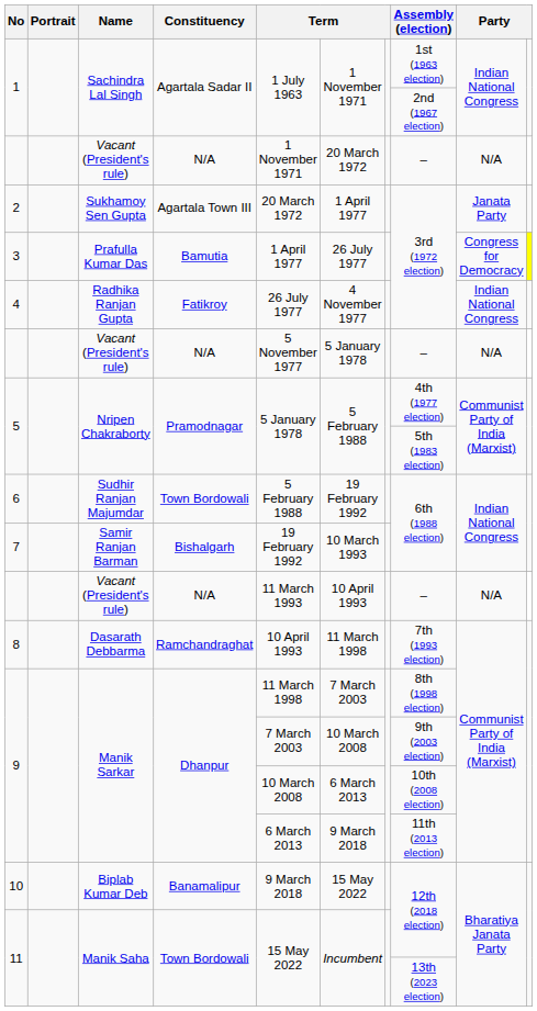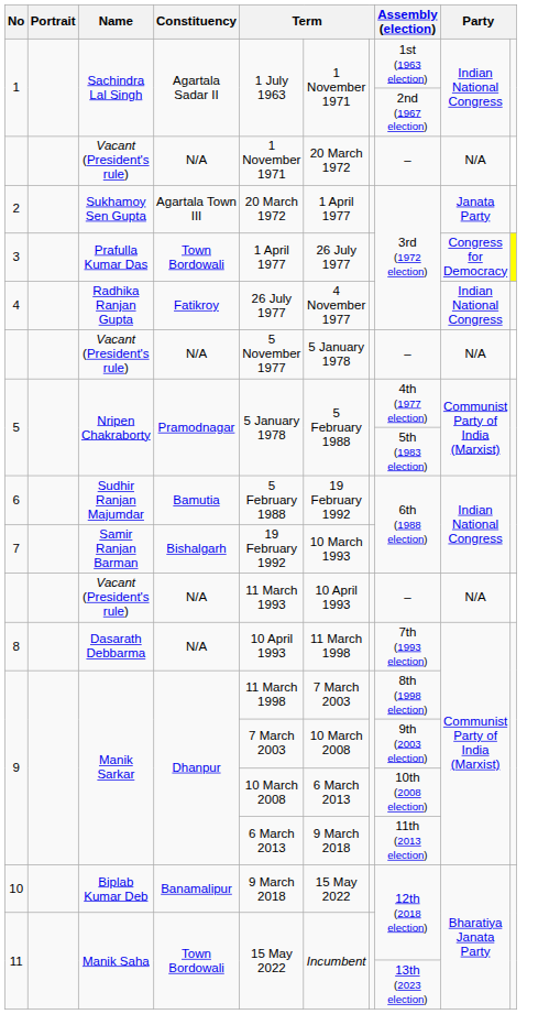 <table class="wikitable">
 <tr>
 <th scope=col>No</th>
 <th>Portrait</th>
 <th scope=col>Name</th>
 <th scope=col>Constituency</th>
 <th scope=col colspan=3>Term</th>
 <th><a href='#'>Assembly</a><br>(<a href='#'>election</a>)</th>
 <th scope=col colspan=2>Party</th>
 </tr>
 <tr style="text-align:center; height: 60px;">
 <td rowspan="2">1</td>
 <td rowspan="2"></td>
 <td rowspan="2"><a href='#'>Sachindra Lal Singh</a></td>
 <td rowspan="2">Agartala Sadar II</td>
 <td rowspan="2">1 July 1963</td>
 <td rowspan="2">1 November 1971</td>
 <td rowspan="2"></td>
 <td>1st<br><small>(<a href='#'>1963 election</a>)</small></td>
 <td rowspan="2"><a href='#'>Indian National Congress</a></td>
 <td rowspan="2" style="background-color: "></td>
 </tr>
 <tr style="text-align:center; height: 60px;">
 <td>2nd<br><small>(<a href='#'>1967 election</a>)</small></td>
 </tr>
 <tr style="text-align:center; height: 60px;">
 <td></td>
 <td></td>
 <td><em>Vacant</em><br>(<a href='#'>President's rule</a>)</td>
 <td>N/A</td>
 <td>1 November 1971</td>
 <td>20 March 1972</td>
 <td></td>
 <td>–</td>
 <td>N/A</td>
 <td style="background-color: white"></td>
 </tr>
 <tr style="text-align:center; height: 60px;">
 <td>2</td>
 <td></td>
 <td><a href='#'>Sukhamoy Sen Gupta</a></td>
 <td>Agartala Town III</td>
 <td>20 March 1972</td>
 <td>1 April 1977</td>
 <td></td>
 <td rowspan="3">3rd<br><small>(<a href='#'>1972 election</a>)</small></td>
 <td><a href='#'>Janata Party</a></td>
 <td style="background-color: "></td>
 </tr>
 <tr style="text-align:center; height: 60px;">
 <td>3</td>
 <td></td>
 <td><a href='#'>Prafulla Kumar Das</a></td>
-<td><a href='#'>Bamutia</a></td>
+<td><a href='#'>Town Bordowali</a></td>
 <td>1 April 1977</td>
 <td>26 July 1977</td>
 <td></td>
 <td><a href='#'>Congress for Democracy</a></td>
 <td style="background-color:yellow"></td>
 </tr>
 <tr style="text-align:center; height: 60px;">
 <td>4</td>
 <td></td>
 <td><a href='#'>Radhika Ranjan Gupta</a></td>
 <td><a href='#'>Fatikroy</a></td>
 <td>26 July 1977</td>
 <td>4 November 1977</td>
 <td></td>
 <td><a href='#'>Indian National Congress</a></td>
 <td style="background-color: "></td>
 </tr>
 <tr style="text-align:center; height: 60px;">
 <td></td>
 <td></td>
 <td><em>Vacant</em><br>(<a href='#'>President's rule</a>)</td>
 <td>N/A</td>
 <td>5 November 1977</td>
 <td>5 January 1978</td>
 <td></td>
 <td>–</td>
 <td>N/A</td>
 <td style="background-color: white"></td>
 </tr>
 <tr style="text-align:center; height: 60px;">
 <td rowspan="2">5</td>
 <td rowspan="2"></td>
 <td rowspan="2"><a href='#'>Nripen Chakraborty</a></td>
 <td rowspan="2"><a href='#'>Pramodnagar</a></td>
 <td rowspan="2">5 January 1978</td>
 <td rowspan="2">5 February 1988</td>
 <td rowspan="2"></td>
 <td>4th<br><small>(<a href='#'>1977 election</a>)</small></td>
 <td rowspan="2"><a href='#'>Communist Party of India (Marxist)</a></td>
 <td rowspan="2" style="background-color: "></td>
 </tr>
 <tr style="text-align:center; height: 60px;">
 <td>5th<br><small>(<a href='#'>1983 election</a>)</small></td>
 </tr>
 <tr style="text-align:center; height: 60px;">
 <td>6</td>
 <td></td>
 <td><a href='#'>Sudhir Ranjan Majumdar</a></td>
-<td><a href='#'>Town Bordowali</a></td>
+<td><a href='#'>Bamutia</a></td>
 <td>5 February 1988</td>
 <td>19 February 1992</td>
 <td></td>
 <td rowspan="2">6th<br><small>(<a href='#'>1988 election</a>)</small></td>
 <td rowspan="2"><a href='#'>Indian National Congress</a></td>
 <td rowspan="2" style="background-color: "></td>
 </tr>
 <tr style="text-align:center; height: 60px;">
 <td>7</td>
 <td></td>
 <td><a href='#'>Samir Ranjan Barman</a></td>
 <td><a href='#'>Bishalgarh</a></td>
 <td>19 February 1992</td>
 <td>10 March 1993</td>
 <td></td>
 </tr>
 <tr style="text-align:center; height: 60px;">
 <td></td>
 <td></td>
 <td><em>Vacant</em><br>(<a href='#'>President's rule</a>)</td>
 <td>N/A</td>
 <td>11 March 1993</td>
 <td>10 April 1993</td>
 <td></td>
 <td>–</td>
 <td>N/A</td>
 <td style="background-color: white"></td>
 </tr>
 <tr style="text-align:center; height: 60px;">
 <td>8</td>
 <td></td>
 <td><a href='#'>Dasarath Debbarma</a></td>
-<td><a href='#'>Ramchandraghat</a></td>
+<td>N/A</td>
 <td>10 April 1993</td>
 <td>11 March 1998</td>
 <td></td>
 <td>7th<br><small>(<a href='#'>1993 election</a>)</small></td>
 <td rowspan="5"><a href='#'>Communist Party of India (Marxist)</a></td>
 <td rowspan="5" style="background-color: "></td>
 </tr>
 <tr style="text-align:center; height: 60px;"|>
 <td rowspan="4">9</td>
 <td rowspan="4"></td>
 <td rowspan="4"><a href='#'>Manik Sarkar</a></td>
 <td rowspan="4"><a href='#'>Dhanpur</a></td>
 <td>11 March 1998</td>
 <td>7 March 2003</td>
 <td rowspan="4"></td>
 <td>8th<br><small>(<a href='#'>1998 election</a>)</small></td>
 </tr>
 <tr style="text-align:center; height: 60px;">
 <td>7 March 2003</td>
 <td>10 March 2008</td>
 <td>9th<br><small>(<a href='#'>2003 election</a>)</small></td>
 </tr>
 <tr style="text-align:center; height: 60px;">
 <td>10 March 2008</td>
 <td>6 March 2013</td>
 <td>10th<br><small>(<a href='#'>2008 election</a>)</small></td>
 </tr>
 <tr style="text-align:center; height: 60px;">
 <td>6 March 2013</td>
 <td>9 March 2018</td>
 <td>11th<br><small>(<a href='#'>2013 election</a>)</small></td>
 </tr>
 <tr style="text-align:center; height: 60px;" |>
 <td>10</td>
 <td></td>
 <td><a href='#'>Biplab Kumar Deb</a></td>
 <td><a href='#'>Banamalipur</a></td>
 <td>9 March 2018</td>
 <td>15 May 2022</td>
 <td></td>
 <td rowspan=2><a href='#'>12th</a><br><small>(<a href='#'>2018 election</a>)</small></td>
 <td rowspan="3"><a href='#'>Bharatiya Janata Party</a></td>
 <td rowspan="3" style="background-color: "></td>
 </tr>
 <tr style="text-align:center; height: 60px;" |>
 <td rowspan="2">11</td>
 <td rowspan="2"></td>
 <td rowspan="2"><a href='#'>Manik Saha</a></td>
 <td rowspan="2"><a href='#'>Town Bordowali</a></td>
 <td rowspan="2">15 May 2022</td>
 <td rowspan="2"><em>Incumbent</em></td>
 <td rowspan="2"></td>
 </tr>
 <tr style="text-align:center;">
 <td><a href='#'>13th</a><br><small>(<a href='#'>2023 election</a>)</small></td>
 </tr>
 </table>
